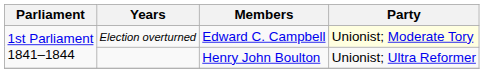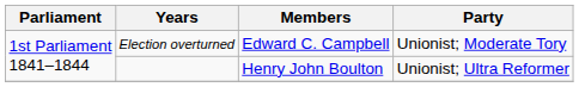 <table class="wikitable">
 <tr>
 <th>Parliament</th>
 <th>Years</th>
 <th colspan="2">Members</th>
 <th>Party</th>
 </tr>
 <tr>
 <td rowspan="2"><a href='#'>1st Parliament</a><br>1841–1844</td>
 <td><small><em>Election overturned</em></small></td>
 <td colspan="2"><a href='#'>Edward C. Campbell</a></td>
-<td style="background: lightyellow;">Unionist; <a href='#'>Moderate Tory</a></td>
+<td>Unionist; <a href='#'>Moderate Tory</a></td>
 </tr>
 <tr>
 <td></td>
 <td colspan = "2"><a href='#'>Henry John Boulton</a></td>
 <td>Unionist; <a href='#'>Ultra Reformer</a></td>
 </tr>
 <tr>
 </tr>
 </table>
